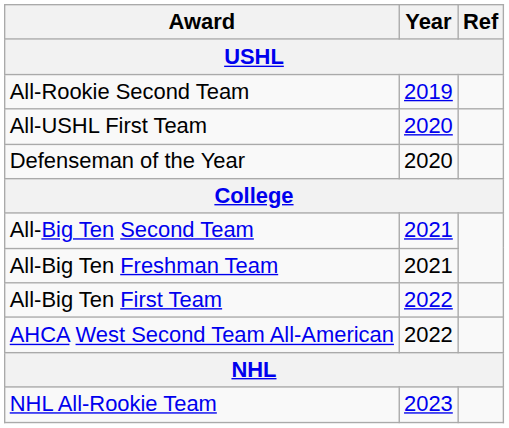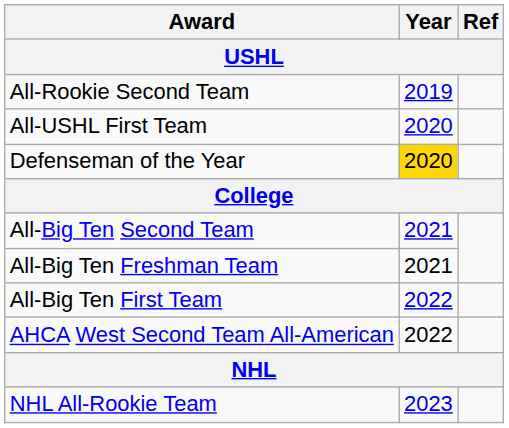 <table class="wikitable">
 <tr>
 <th>Award</th>
 <th>Year</th>
 <th>Ref</th>
 </tr>
 <tr>
 <th colspan="3"><a href='#'>USHL</a></th>
 </tr>
 <tr>
 <td>All-Rookie Second Team</td>
 <td><a href='#'>2019</a></td>
 <td></td>
 </tr>
 <tr>
 <td>All-USHL First Team</td>
 <td><a href='#'>2020</a></td>
 <td></td>
 </tr>
 <tr>
 <td>Defenseman of the Year</td>
-<td>2020</td>
+<td style="background: gold;">2020</td>
 <td></td>
 </tr>
 <tr>
 <th colspan="3"><a href='#'>College</a></th>
 </tr>
 <tr>
 <td>All-<a href='#'>Big Ten</a> <a href='#'>Second Team</a></td>
 <td><a href='#'>2021</a></td>
 <td rowspan="2"></td>
 </tr>
 <tr>
 <td>All-Big Ten <a href='#'>Freshman Team</a></td>
 <td>2021</td>
 </tr>
 <tr>
 <td>All-Big Ten <a href='#'>First Team</a></td>
 <td><a href='#'>2022</a></td>
 <td></td>
 </tr>
 <tr>
 <td><a href='#'>AHCA</a> <a href='#'>West Second Team All-American</a></td>
 <td>2022</td>
 <td></td>
 </tr>
 <tr>
 <th colspan="3"><a href='#'>NHL</a></th>
 </tr>
 <tr>
 <td><a href='#'>NHL All-Rookie Team</a></td>
 <td><a href='#'>2023</a></td>
 <td></td>
 </tr>
 </table>
